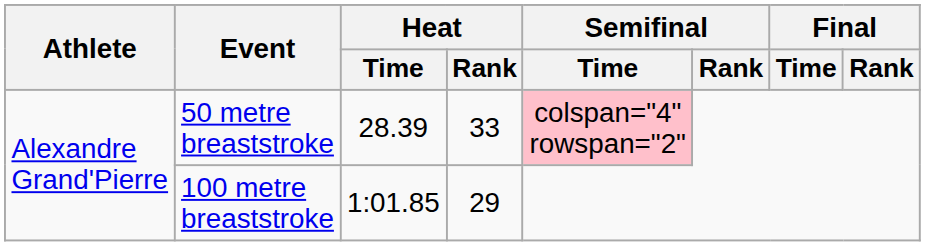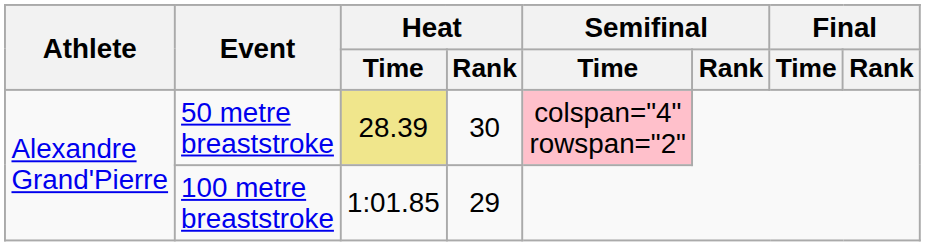 <table class="wikitable" style="text-align:center; font-size:90%; width:50%;">
 <tr>
 <th rowspan="2">Athlete</th>
 <th rowspan="2">Event</th>
 <th colspan="2">Heat</th>
 <th colspan="2">Semifinal</th>
 <th colspan="2">Final</th>
 </tr>
 <tr style="font-size:95%">
 <th>Time</th>
 <th>Rank</th>
 <th>Time</th>
 <th>Rank</th>
 <th>Time</th>
 <th>Rank</th>
 </tr>
 <tr align=center>
 <td align=left rowspan="2"><a href='#'>Alexandre Grand'Pierre</a></td>
 <td align=left><a href='#'>50 metre breaststroke</a></td>
-<td>28.39</td>
-<td>33</td>
+<td style="background: khaki;">28.39</td>
+<td>30</td>
 <td style="background: pink;">colspan="4" rowspan="2" </td>
 </tr>
 <tr align=center>
 <td align=left><a href='#'>100 metre breaststroke</a></td>
 <td>1:01.85</td>
 <td>29</td>
 </tr>
 </table>
